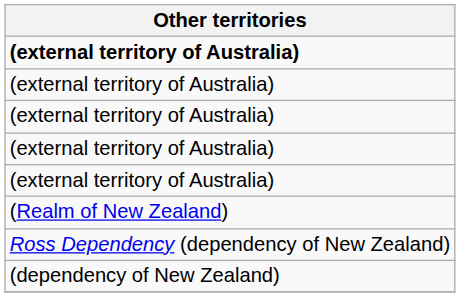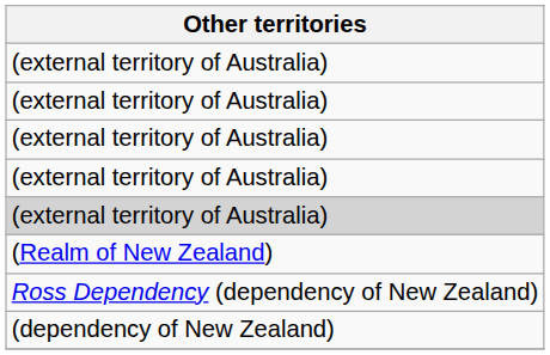 <table class="wikitable sortable" border="1" style="margin: 1em auto 1em auto">
 <tr>
 <th class="unsortable">Other territories</th>
-</tr>
-<tr>
-<td><strong> (external territory of Australia)</strong></td>
 </tr>
 <tr>
 <td> (external territory of Australia)</td>
 </tr>
 <tr>
 <td> (external territory of Australia)</td>
 </tr>
 <tr>
 <td> (external territory of Australia)</td>
 </tr>
 <tr>
 <td> (external territory of Australia)</td>
 </tr>
 <tr>
+<td style="background: lightgrey;"> (external territory of Australia)</td>
+</tr>
+<tr>
 <td> (<a href='#'>Realm of New Zealand</a>)</td>
 </tr>
 <tr>
 <td><em><a href='#'>Ross Dependency</a></em> (dependency of New Zealand)</td>
 </tr>
 <tr>
 <td> (dependency of New Zealand)</td>
 </tr>
 <tr>
 </tr>
 </table>
